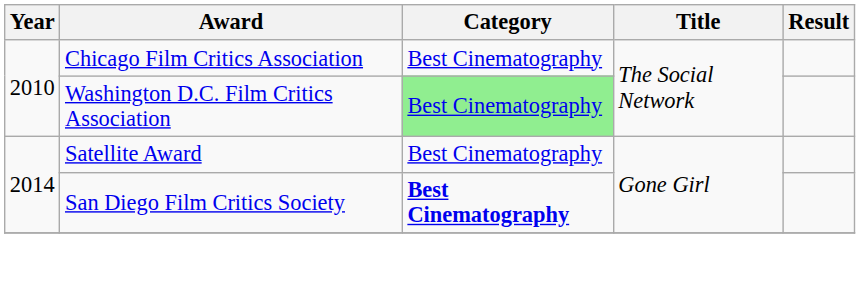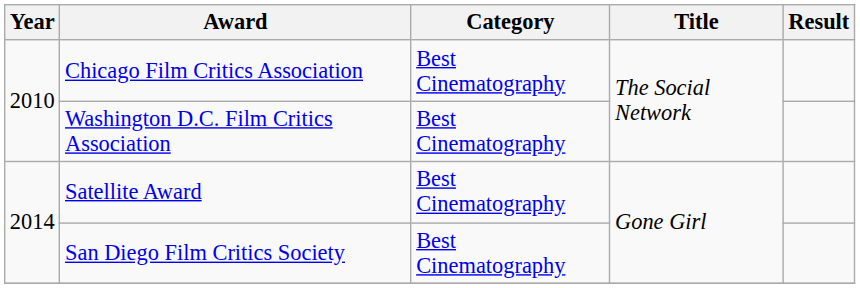 <table class="wikitable">
 <tr>
 <th>Year</th>
 <th>Award</th>
 <th>Category</th>
 <th>Title</th>
 <th>Result</th>
 </tr>
 <tr>
 <td rowspan=2>2010</td>
 <td><a href='#'>Chicago Film Critics Association</a></td>
 <td><a href='#'>Best Cinematography</a></td>
 <td rowspan=2><em>The Social Network</em></td>
 <td></td>
 </tr>
 <tr>
 <td><a href='#'>Washington D.C. Film Critics Association</a></td>
-<td style="background: lightgreen;"><a href='#'>Best Cinematography</a></td>
+<td><a href='#'>Best Cinematography</a></td>
 <td></td>
 </tr>
 <tr>
 <td rowspan=2>2014</td>
 <td><a href='#'>Satellite Award</a></td>
 <td><a href='#'>Best Cinematography</a></td>
 <td rowspan=2><em>Gone Girl</em></td>
 <td></td>
 </tr>
 <tr>
 <td><a href='#'>San Diego Film Critics Society</a></td>
-<td><strong><a href='#'>Best Cinematography</a></strong></td>
+<td><a href='#'>Best Cinematography</a></td>
 <td></td>
 </tr>
 <tr>
 </tr>
 </table>
